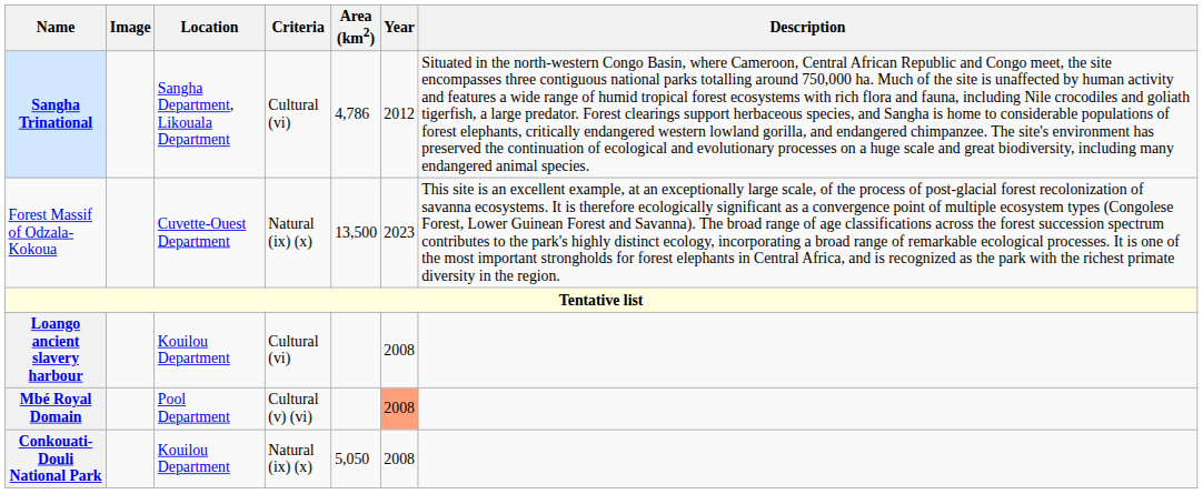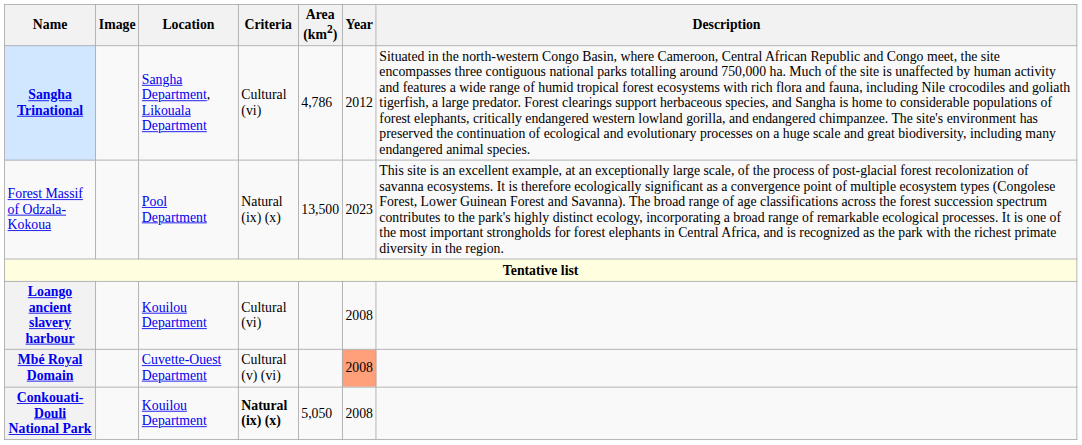 <table class="wikitable">
 <tr>
 <th>Name</th>
 <th>Image</th>
 <th>Location</th>
 <th>Criteria</th>
 <th>Area<br>(km<sup>2</sup>)</th>
 <th>Year</th>
 <th>Description</th>
 </tr>
 <tr>
 <th scope="row" style="background:#D0E7FF"><a href='#'>Sangha Trinational</a></th>
 <td></td>
 <td><a href='#'>Sangha Department</a>, <a href='#'>Likouala Department</a></td>
 <td>Cultural (vi)</td>
 <td>4,786</td>
 <td>2012</td>
 <td>Situated in the north-western Congo Basin, where Cameroon, Central African Republic and Congo meet, the site encompasses three contiguous national parks totalling around 750,000 ha. Much of the site is unaffected by human activity and features a wide range of humid tropical forest ecosystems with rich flora and fauna, including Nile crocodiles and goliath tigerfish, a large predator. Forest clearings support herbaceous species, and Sangha is home to considerable populations of forest elephants, critically endangered western lowland gorilla, and endangered chimpanzee. The site's environment has preserved the continuation of ecological and evolutionary processes on a huge scale and great biodiversity, including many endangered animal species.</td>
 </tr>
 <tr>
 <td><a href='#'>Forest Massif of Odzala-Kokoua</a></td>
 <td></td>
-<td><a href='#'>Cuvette-Ouest Department</a></td>
+<td><a href='#'>Pool Department</a></td>
 <td>Natural (ix) (x)</td>
 <td>13,500</td>
 <td>2023</td>
 <td>This site is an excellent example, at an exceptionally large scale, of the process of post-glacial forest recolonization of savanna ecosystems. It is therefore ecologically significant as a convergence point of multiple ecosystem types (Congolese Forest, Lower Guinean Forest and Savanna). The broad range of age classifications across the forest succession spectrum contributes to the park's highly distinct ecology, incorporating a broad range of remarkable ecological processes. It is one of the most important strongholds for forest elephants in Central Africa, and is recognized as the park with the richest primate diversity in the region.</td>
 </tr>
 <tr>
 <th colspan=7 style="background:#FFFFE0;">Tentative list</th>
 </tr>
 <tr>
 <th scope="row"><a href='#'>Loango ancient slavery harbour</a></th>
 <td></td>
 <td><a href='#'>Kouilou Department</a></td>
 <td>Cultural (vi)</td>
 <td></td>
 <td align="center">2008</td>
 <td></td>
 </tr>
 <tr>
 <th scope="row"><a href='#'>Mbé Royal Domain</a></th>
 <td></td>
-<td><a href='#'>Pool Department</a></td>
+<td><a href='#'>Cuvette-Ouest Department</a></td>
 <td>Cultural (v) (vi)</td>
 <td></td>
 <td align="center" style="background: lightsalmon;">2008</td>
 <td></td>
 </tr>
 <tr>
 <th scope="row"><a href='#'>Conkouati-Douli National Park</a></th>
 <td></td>
 <td><a href='#'>Kouilou Department</a></td>
-<td>Natural (ix) (x)</td>
+<td><strong>Natural (ix) (x)</strong></td>
 <td>5,050</td>
 <td align="center">2008</td>
 <td></td>
 </tr>
 </table>
